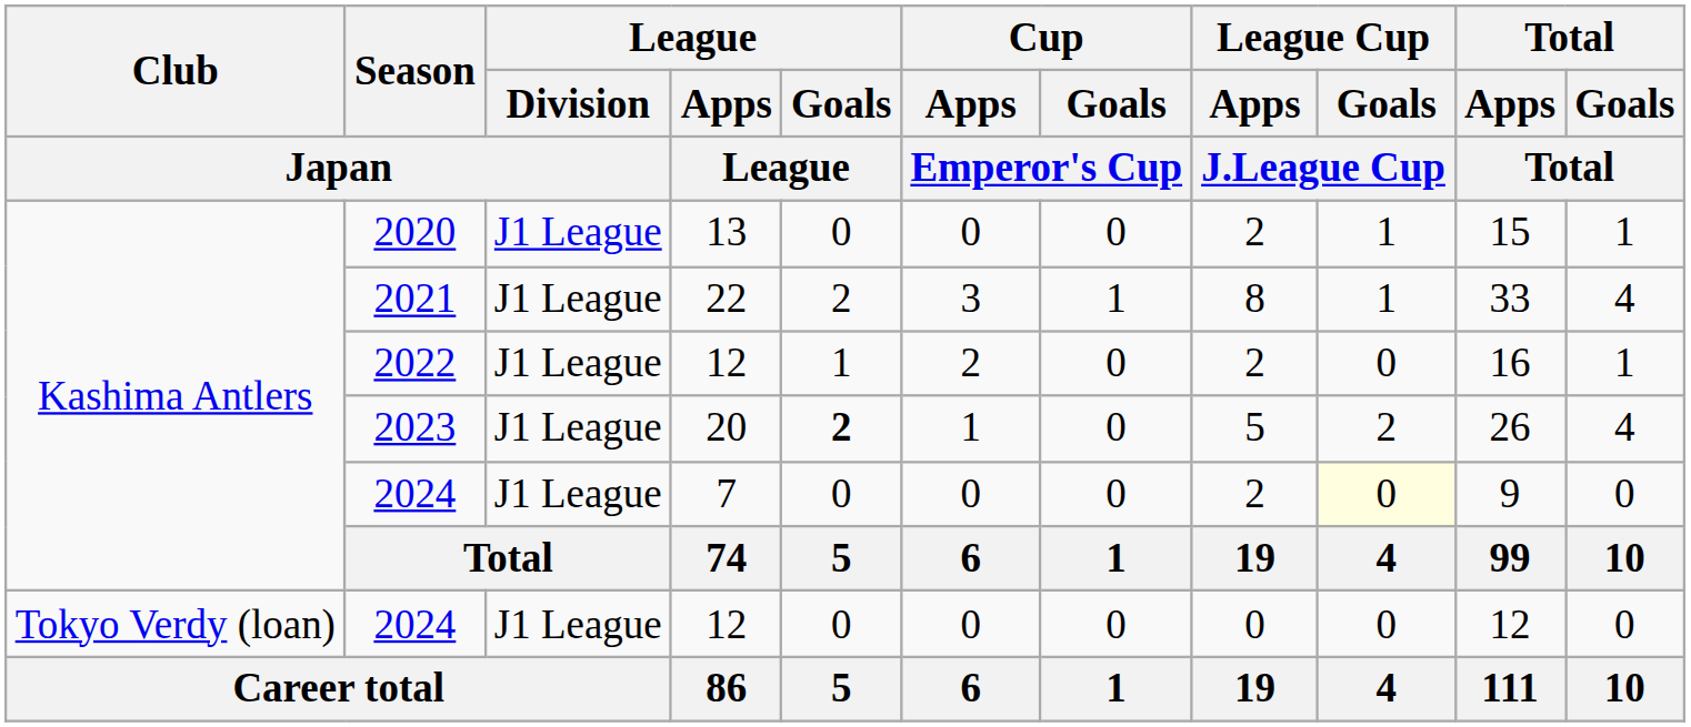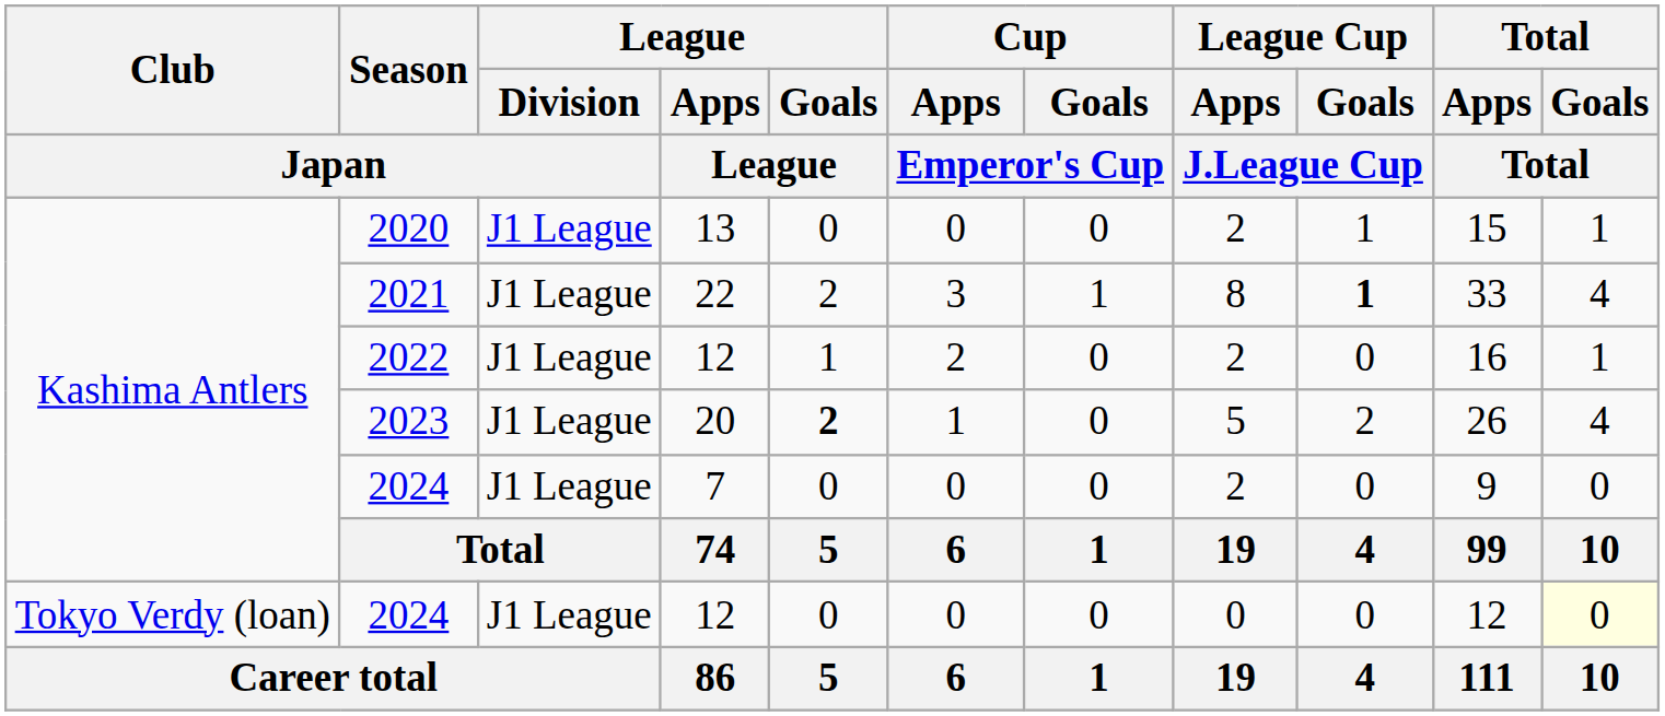 <table class="wikitable" style="text-align:center;">
 <tr>
 <th rowspan=2>Club</th>
 <th rowspan=2>Season</th>
 <th colspan=3>League</th>
 <th colspan=2>Cup</th>
 <th colspan=2>League Cup</th>
 <th colspan=2>Total</th>
 </tr>
 <tr>
 <th>Division</th>
 <th>Apps</th>
 <th>Goals</th>
 <th>Apps</th>
 <th>Goals</th>
 <th>Apps</th>
 <th>Goals</th>
 <th>Apps</th>
 <th>Goals</th>
 </tr>
 <tr>
 <th colspan=3>Japan</th>
 <th colspan=2>League</th>
 <th colspan=2><a href='#'>Emperor's Cup</a></th>
 <th colspan=2><a href='#'>J.League Cup</a></th>
 <th colspan=2>Total</th>
 </tr>
 <tr>
 <td rowspan="6"><a href='#'>Kashima Antlers</a></td>
 <td><a href='#'>2020</a></td>
 <td><a href='#'>J1 League</a></td>
 <td>13</td>
 <td>0</td>
 <td>0</td>
 <td>0</td>
 <td>2</td>
 <td>1</td>
 <td>15</td>
 <td>1</td>
 </tr>
 <tr>
 <td><a href='#'>2021</a></td>
 <td>J1 League</td>
 <td>22</td>
 <td>2</td>
 <td>3</td>
 <td>1</td>
 <td>8</td>
-<td>1</td>
+<td><strong>1</strong></td>
 <td>33</td>
 <td>4</td>
 </tr>
 <tr>
 <td><a href='#'>2022</a></td>
 <td>J1 League</td>
 <td>12</td>
 <td>1</td>
 <td>2</td>
 <td>0</td>
 <td>2</td>
 <td>0</td>
 <td>16</td>
 <td>1</td>
 </tr>
 <tr>
 <td><a href='#'>2023</a></td>
 <td>J1 League</td>
 <td>20</td>
 <td><strong>2</strong></td>
 <td>1</td>
 <td>0</td>
 <td>5</td>
 <td>2</td>
 <td>26</td>
 <td>4</td>
 </tr>
 <tr>
 <td><a href='#'>2024</a></td>
 <td>J1 League</td>
 <td>7</td>
 <td>0</td>
 <td>0</td>
 <td>0</td>
 <td>2</td>
-<td style="background: lightyellow;">0</td>
+<td>0</td>
 <td>9</td>
 <td>0</td>
 </tr>
 <tr>
 <th colspan="2">Total</th>
 <th>74</th>
 <th>5</th>
 <th>6</th>
 <th>1</th>
 <th>19</th>
 <th>4</th>
 <th>99</th>
 <th>10</th>
 </tr>
 <tr>
 <td><a href='#'>Tokyo Verdy</a> (loan)</td>
 <td><a href='#'>2024</a></td>
 <td>J1 League</td>
 <td>12</td>
 <td>0</td>
 <td>0</td>
 <td>0</td>
 <td>0</td>
 <td>0</td>
 <td>12</td>
-<td>0</td>
+<td style="background: lightyellow;">0</td>
 </tr>
 <tr>
 <th colspan=3>Career total</th>
 <th>86</th>
 <th>5</th>
 <th>6</th>
 <th>1</th>
 <th>19</th>
 <th>4</th>
 <th>111</th>
 <th>10</th>
 </tr>
 </table>
